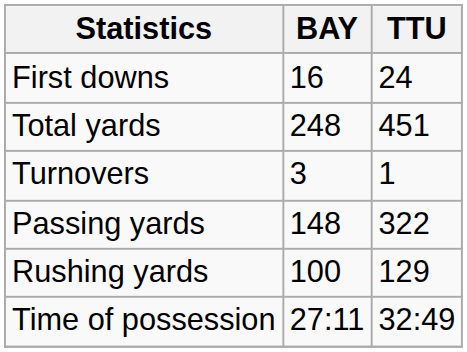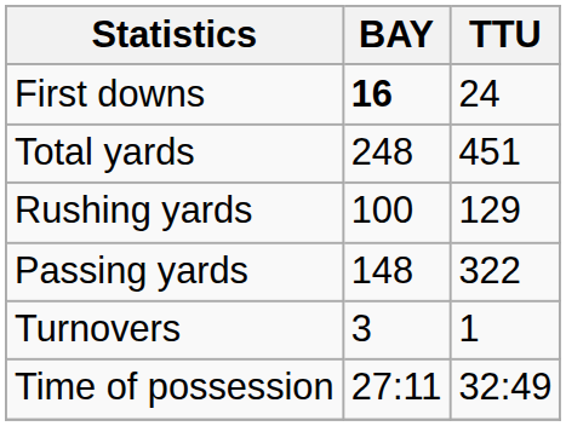 <table class="wikitable">
 <tr>
 <th>Statistics</th>
 <th>BAY</th>
 <th>TTU</th>
 </tr>
 <tr>
 <td>First downs</td>
-<td>16</td>
+<td><strong>16</strong></td>
 <td>24</td>
 </tr>
 <tr>
 <td>Total yards</td>
 <td>248</td>
 <td>451</td>
 </tr>
 <tr>
-<td>Turnovers</td>
-<td>3</td>
-<td>1</td>
+<td>Rushing yards</td>
+<td>100</td>
+<td>129</td>
 </tr>
 <tr>
 <td>Passing yards</td>
 <td>148</td>
 <td>322</td>
 </tr>
 <tr>
-<td>Rushing yards</td>
-<td>100</td>
-<td>129</td>
+<td>Turnovers</td>
+<td>3</td>
+<td>1</td>
 </tr>
 <tr>
 <td>Time of possession</td>
 <td>27:11</td>
 <td>32:49</td>
 </tr>
 <tr>
 </tr>
 </table>
